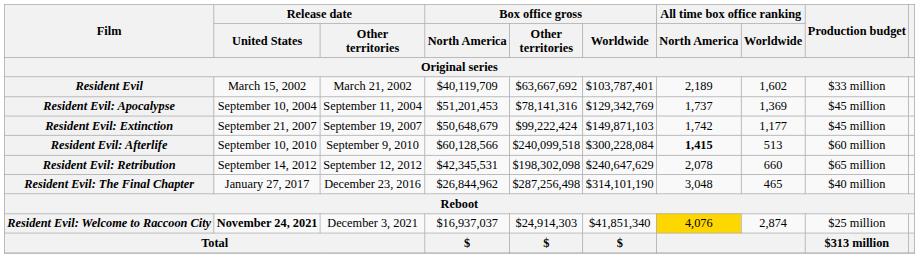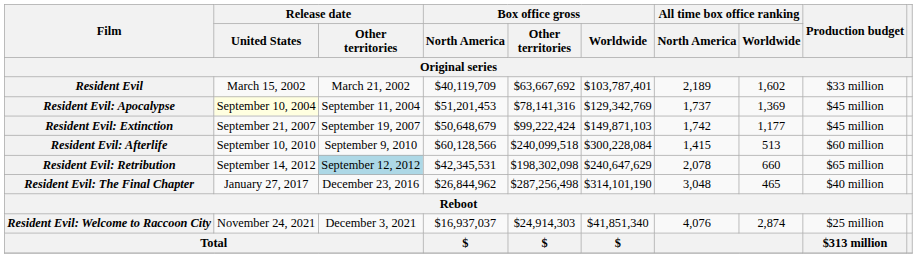 <table class="wikitable plainrowheaders" style="text-align:center;">
 <tr>
 <th rowspan="2">Film</th>
 <th colspan="2">Release date</th>
 <th colspan="3">Box office gross</th>
 <th colspan="2" text="wrap">All time box office ranking</th>
 <th rowspan="2">Production budget</th>
 <th rowspan="2"></th>
 </tr>
 <tr>
 <th>United States</th>
 <th>Other<br>territories</th>
 <th>North America</th>
 <th>Other<br>territories</th>
 <th>Worldwide</th>
 <th>North America</th>
 <th>Worldwide</th>
 </tr>
 <tr>
 <th colspan="10">Original series</th>
 </tr>
 <tr>
 <th scope="row"><em>Resident Evil</em></th>
 <td>March 15, 2002</td>
 <td>March 21, 2002</td>
 <td align="center">$40,119,709</td>
 <td align="center">$63,667,692</td>
 <td align="center">$103,787,401</td>
 <td align="center">2,189</td>
 <td align="center">1,602</td>
 <td align="center">$33 million</td>
 <td align="center"></td>
 </tr>
 <tr>
 <th scope="row"><em>Resident Evil: Apocalypse</em></th>
-<td>September 10, 2004</td>
+<td style="background: lightyellow;">September 10, 2004</td>
 <td>September 11, 2004</td>
 <td align="center">$51,201,453</td>
 <td align="center">$78,141,316</td>
 <td align="center">$129,342,769</td>
 <td align="center">1,737</td>
 <td align="center">1,369</td>
 <td align="center">$45 million</td>
 <td align="center"></td>
 </tr>
 <tr>
 <th scope="row"><em>Resident Evil: Extinction</em></th>
 <td>September 21, 2007</td>
 <td>September 19, 2007</td>
 <td align="center">$50,648,679</td>
 <td align="center">$99,222,424</td>
 <td align="center">$149,871,103</td>
 <td align="center">1,742</td>
 <td align="center">1,177</td>
 <td align="center">$45 million</td>
 <td align="center"></td>
 </tr>
 <tr>
 <th scope="row"><em>Resident Evil: Afterlife</em></th>
 <td>September 10, 2010</td>
 <td>September 9, 2010</td>
 <td align="center">$60,128,566</td>
 <td align="center">$240,099,518</td>
 <td align="center">$300,228,084</td>
-<td align="center"><strong>1,415</strong></td>
+<td align="center">1,415</td>
 <td align="center">513</td>
 <td align="center">$60 million</td>
 <td align="center"></td>
 </tr>
 <tr>
 <th scope="row"><em>Resident Evil: Retribution</em></th>
 <td>September 14, 2012</td>
-<td>September 12, 2012</td>
+<td style="background: lightblue;">September 12, 2012</td>
 <td align="center">$42,345,531</td>
 <td align="center">$198,302,098</td>
 <td align="center">$240,647,629</td>
 <td align="center">2,078</td>
 <td align="center">660</td>
 <td align="center">$65 million</td>
 <td align="center"></td>
 </tr>
 <tr>
 <th scope="row"><em>Resident Evil: The Final Chapter</em></th>
 <td>January 27, 2017</td>
 <td>December 23, 2016</td>
 <td align="center">$26,844,962</td>
 <td align="center">$287,256,498</td>
 <td align="center">$314,101,190</td>
 <td align="center">3,048</td>
 <td align="center">465</td>
 <td align="center">$40 million</td>
 <td align="center"></td>
 </tr>
 <tr>
 <th colspan="10">Reboot</th>
 </tr>
 <tr>
 <th scope="row"><em>Resident Evil: Welcome to Raccoon City</em></th>
-<td><strong>November 24, 2021</strong></td>
+<td>November 24, 2021</td>
 <td>December 3, 2021</td>
 <td align="center">$16,937,037</td>
 <td align="center">$24,914,303</td>
 <td align="center">$41,851,340</td>
-<td align="center" style="background: gold;">4,076</td>
+<td align="center">4,076</td>
 <td align="center">2,874</td>
 <td align="center">$25 million</td>
 <td align="center"></td>
 </tr>
 <tr>
 <th colspan="3">Total</th>
 <th>$</th>
 <th>$</th>
 <th>$</th>
 <th colspan="2"></th>
 <th>$313 million</th>
 <th></th>
 </tr>
 <tr>
 </tr>
 </table>
